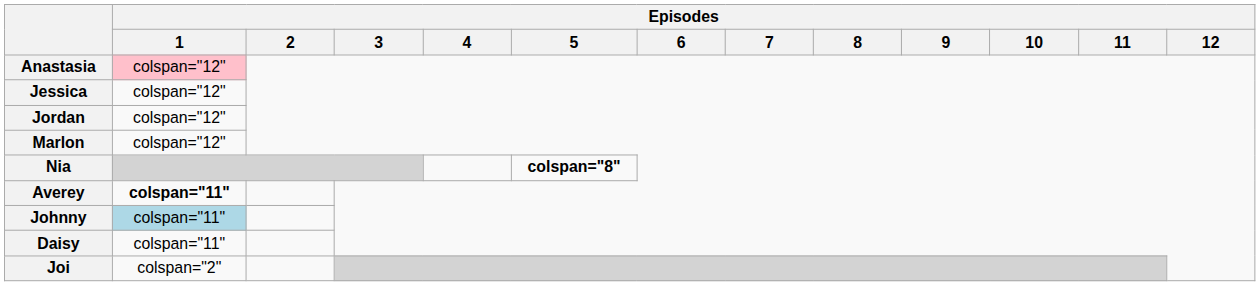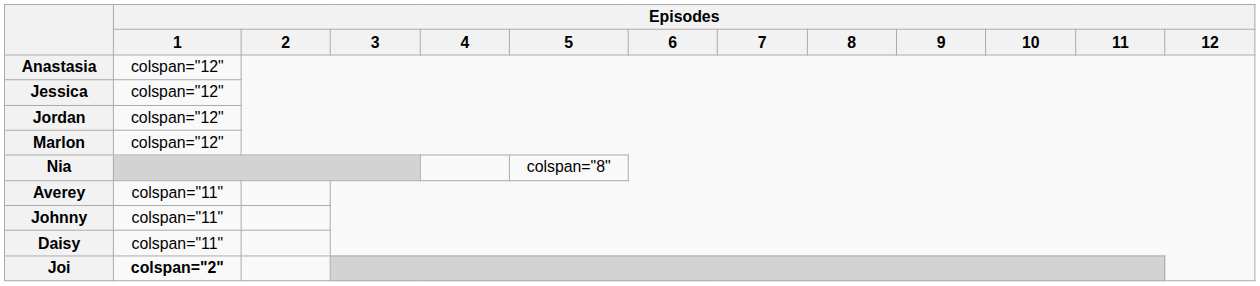 <table class="wikitable" style="text-align:center; width:100%">
 <tr>
 <th scope="col" rowspan="2" style="width:5%;"></th>
 <th scope="colgroup" colspan="12">Episodes</th>
 </tr>
 <tr>
 <th scope="col" style="width:5%;">1</th>
 <th scope="col" style="width:5%;">2</th>
 <th scope="col" style="width:5%;">3</th>
 <th scope="col" style="width:5%;">4</th>
 <th scope="col" style="width:5%;">5</th>
 <th scope="col" style="width:5%;">6</th>
 <th scope="col" style="width:5%;">7</th>
 <th scope="col" style="width:5%;">8</th>
 <th scope="col" style="width:5%;">9</th>
 <th scope="col" style="width:5%;">10</th>
 <th scope="col" style="width:5%;">11</th>
 <th scope="col" style="width:5%;">12</th>
 </tr>
 <tr>
 <th scope="row">Anastasia</th>
-<td style="background: pink;">colspan="12" </td>
+<td>colspan="12" </td>
 </tr>
 <tr>
 <th scope="row">Jessica</th>
 <td>colspan="12" </td>
 </tr>
 <tr>
 <th scope="row">Jordan</th>
 <td>colspan="12" </td>
 </tr>
 <tr>
 <th scope="row">Marlon</th>
 <td>colspan="12" </td>
 </tr>
 <tr>
 <th scope="row">Nia</th>
 <td style="background:lightgrey;" colspan="3"></td>
 <td></td>
-<td><strong>colspan="8" </strong></td>
+<td>colspan="8" </td>
 </tr>
 <tr>
 <th scope="row">Averey</th>
-<td><strong>colspan="11" </strong></td>
+<td>colspan="11" </td>
 <td></td>
 </tr>
 <tr>
 <th scope="row">Johnny</th>
-<td style="background: lightblue;">colspan="11" </td>
+<td>colspan="11" </td>
 <td></td>
 </tr>
 <tr>
 <th scope="row">Daisy</th>
 <td>colspan="11" </td>
 <td></td>
 </tr>
 <tr>
 <th scope="row">Joi</th>
-<td>colspan="2" </td>
+<td><strong>colspan="2" </strong></td>
 <td></td>
 <td style="background:lightgrey;" colspan="9"></td>
 </tr>
 </table>
